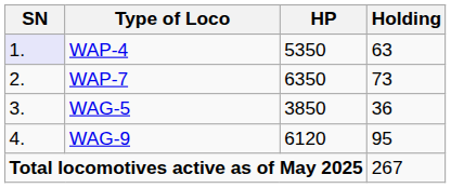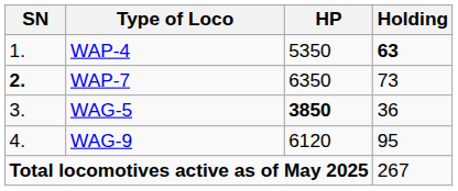 <table class="wikitable">
 <tr>
 <th>SN</th>
 <th>Type of Loco</th>
 <th>HP</th>
 <th>Holding</th>
 </tr>
 <tr>
-<td style="background: lavender;">1.</td>
+<td>1.</td>
 <td><a href='#'>WAP-4</a></td>
 <td>5350</td>
-<td>63</td>
+<td><strong>63</strong></td>
 </tr>
 <tr>
-<td>2.</td>
+<td><strong>2.</strong></td>
 <td><a href='#'>WAP-7</a></td>
 <td>6350</td>
 <td>73</td>
 </tr>
 <tr>
 <td>3.</td>
 <td><a href='#'>WAG-5</a></td>
-<td>3850</td>
+<td><strong>3850</strong></td>
 <td>36</td>
 </tr>
 <tr>
 <td>4.</td>
 <td><a href='#'>WAG-9</a></td>
 <td>6120</td>
 <td>95</td>
 </tr>
 <tr>
 <td colspan="3"><strong>Total locomotives active as of May 2025</strong></td>
 <td>267</td>
 </tr>
 </table>
